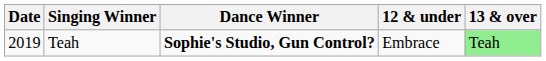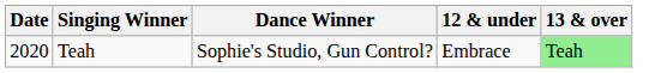 <table class="wikitable">
 <tr>
 <th>Date</th>
 <th>Singing Winner</th>
 <th>Dance Winner</th>
 <th>12 & under</th>
 <th>13 & over</th>
 </tr>
 <tr>
-<td>2019</td>
+<td>2020</td>
 <td>Teah</td>
-<td><strong>Sophie's Studio, Gun Control?</strong></td>
+<td>Sophie's Studio, Gun Control?</td>
 <td>Embrace</td>
 <td style="background: lightgreen;">Teah</td>
 </tr>
 </table>
